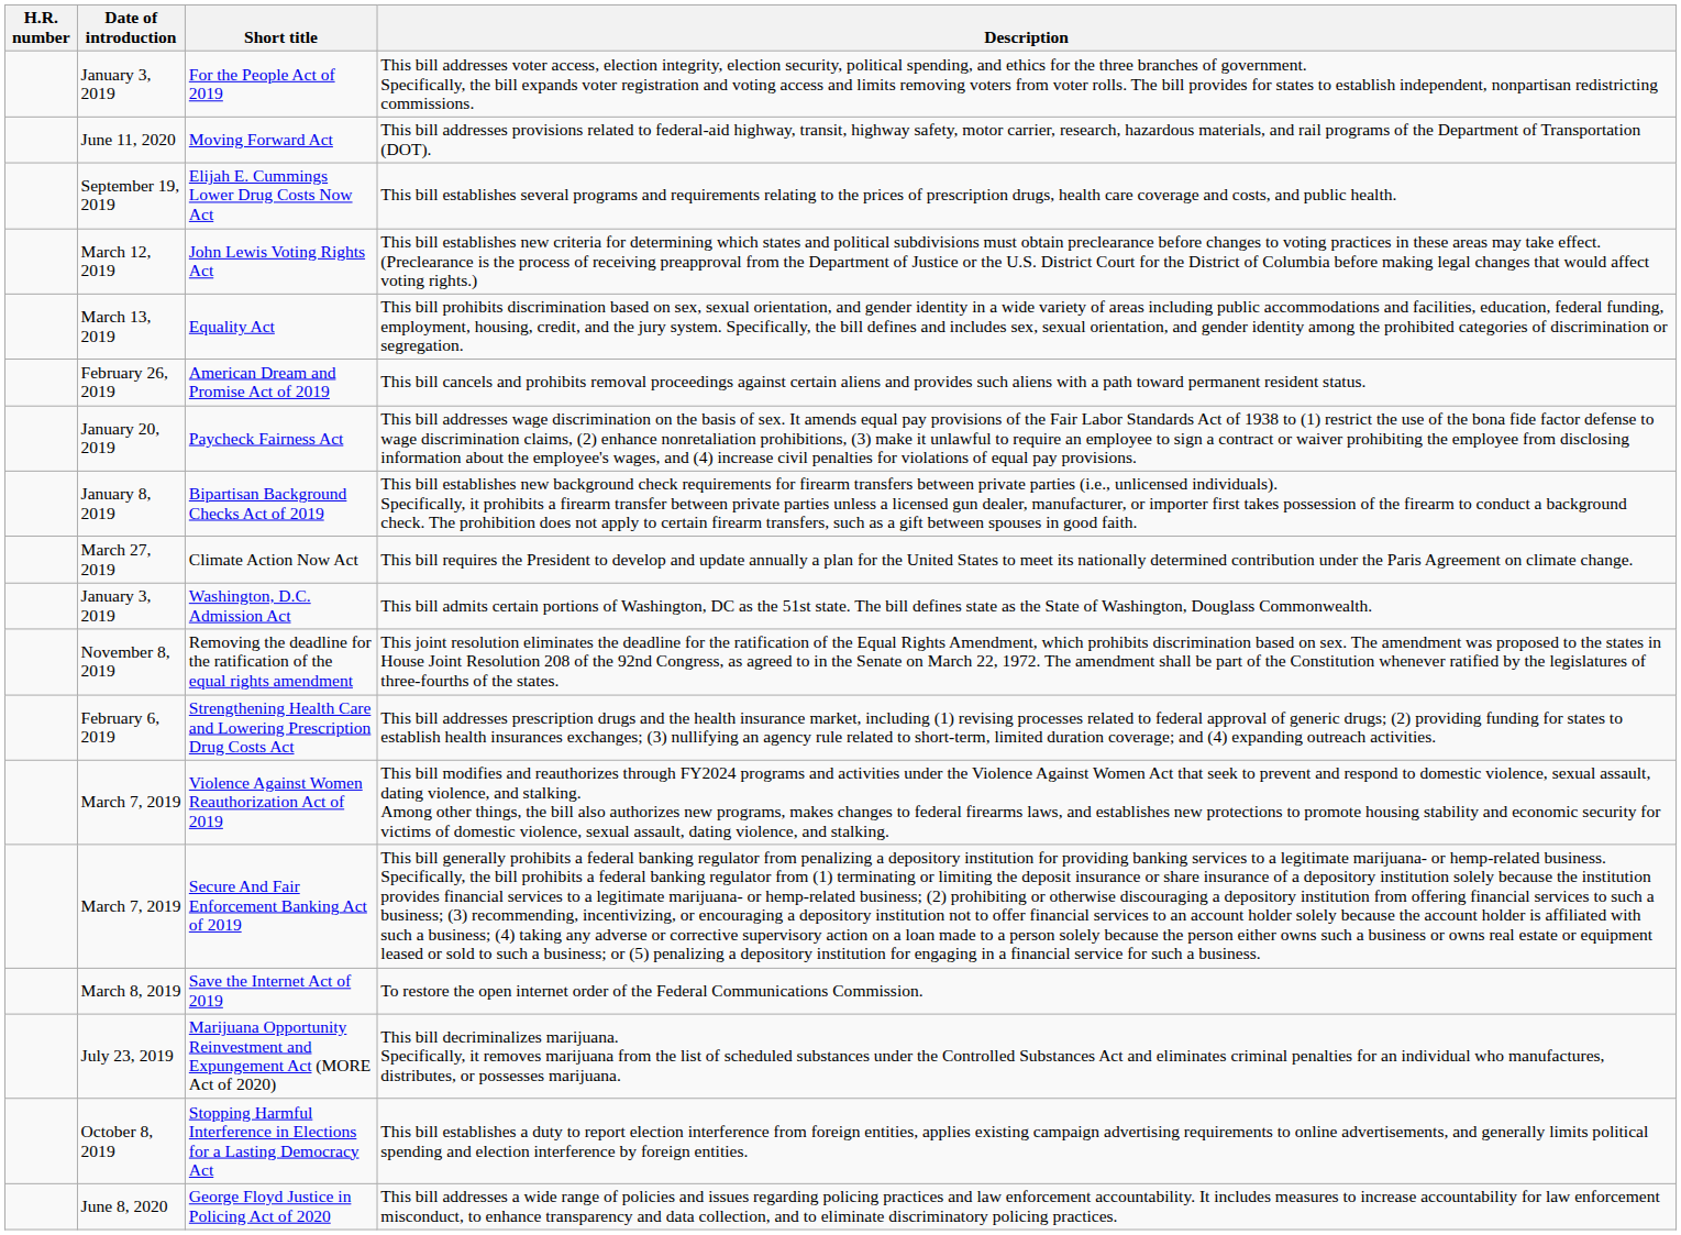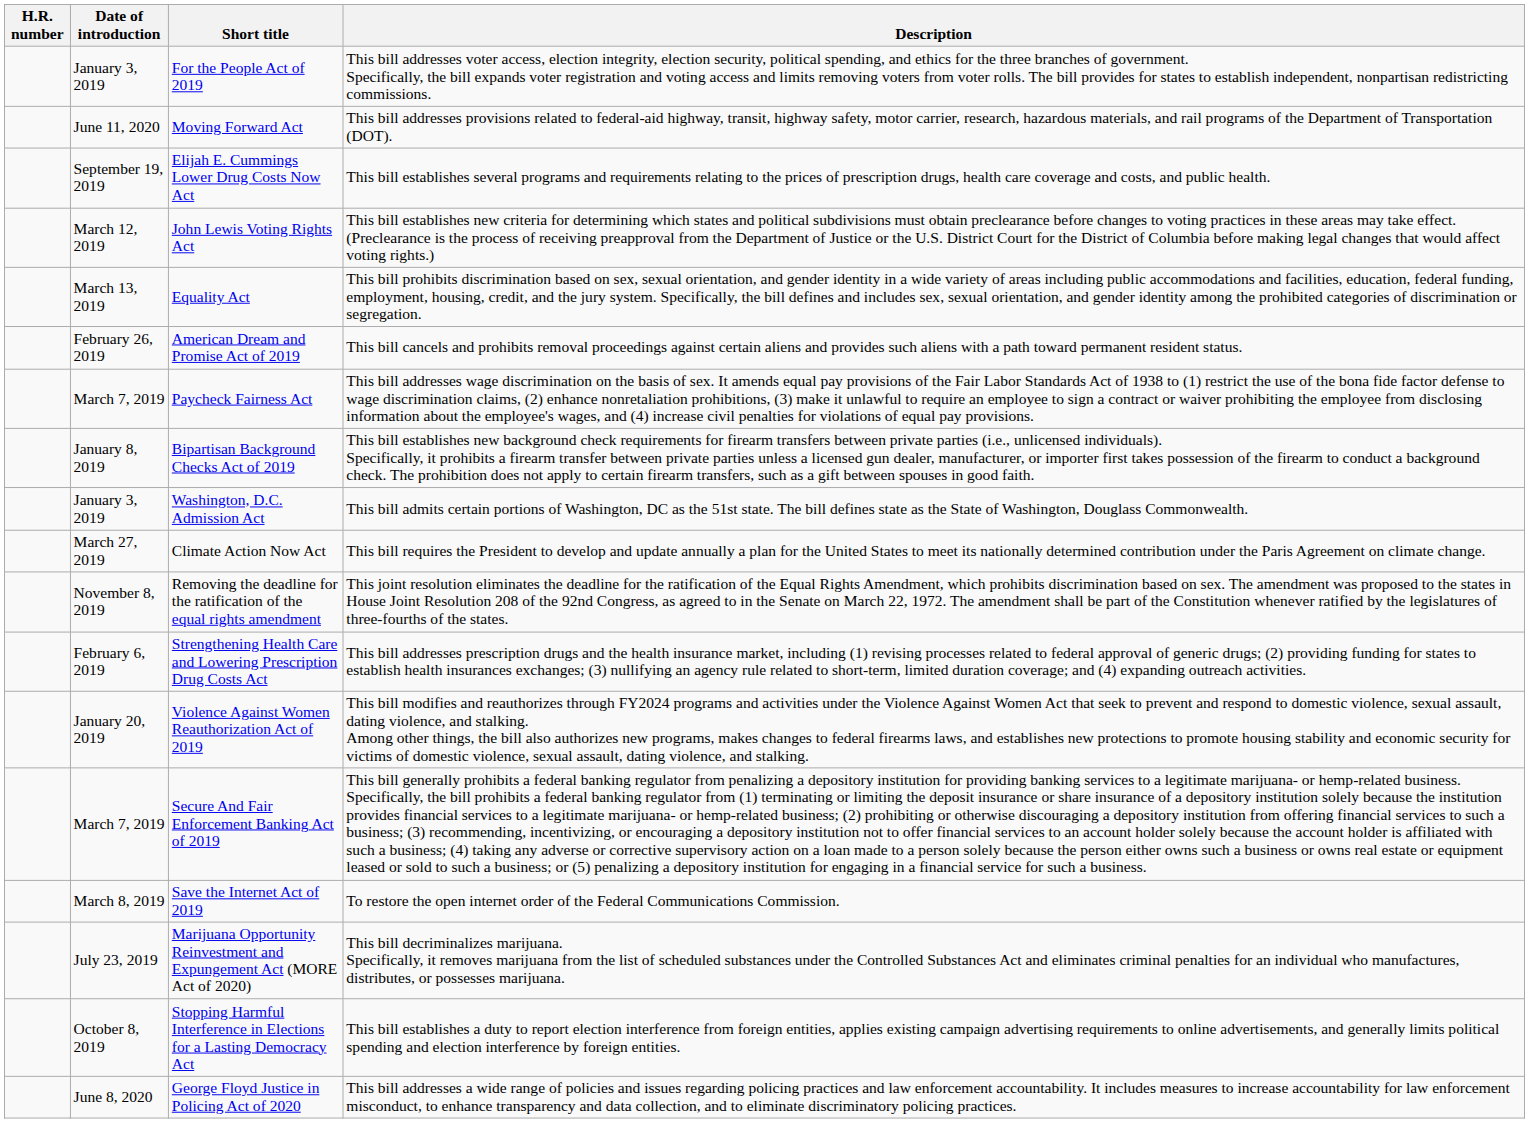 <table class="wikitable">
 <tr valign="bottom">
 <th>H.R. number</th>
 <th>Date of introduction</th>
 <th>Short title</th>
 <th>Description</th>
 </tr>
 <tr>
 <td></td>
 <td>January 3, 2019</td>
 <td><a href='#'>For the People Act of 2019</a></td>
 <td>This bill addresses voter access, election integrity, election security, political spending, and ethics for the three branches of government.<br>Specifically, the bill expands voter registration and voting access and limits removing voters from voter rolls. The bill provides for states to establish independent, nonpartisan redistricting commissions.</td>
 </tr>
 <tr>
 <td></td>
 <td>June 11, 2020</td>
 <td><a href='#'>Moving Forward Act</a></td>
 <td>This bill addresses provisions related to federal-aid highway, transit, highway safety, motor carrier, research, hazardous materials, and rail programs of the Department of Transportation (DOT).</td>
 </tr>
 <tr>
 <td></td>
 <td>September 19, 2019</td>
 <td><a href='#'>Elijah E. Cummings Lower Drug Costs Now Act</a></td>
 <td>This bill establishes several programs and requirements relating to the prices of prescription drugs, health care coverage and costs, and public health.</td>
 </tr>
 <tr>
 <td></td>
 <td>March 12, 2019</td>
 <td><a href='#'>John Lewis Voting Rights Act</a></td>
 <td>This bill establishes new criteria for determining which states and political subdivisions must obtain preclearance before changes to voting practices in these areas may take effect. (Preclearance is the process of receiving preapproval from the Department of Justice or the U.S. District Court for the District of Columbia before making legal changes that would affect voting rights.)</td>
 </tr>
 <tr>
 <td></td>
 <td>March 13, 2019</td>
 <td><a href='#'>Equality Act</a></td>
 <td>This bill prohibits discrimination based on sex, sexual orientation, and gender identity in a wide variety of areas including public accommodations and facilities, education, federal funding, employment, housing, credit, and the jury system. Specifically, the bill defines and includes sex, sexual orientation, and gender identity among the prohibited categories of discrimination or segregation.</td>
 </tr>
 <tr>
 <td></td>
 <td>February 26, 2019</td>
 <td><a href='#'>American Dream and Promise Act of 2019</a></td>
 <td>This bill cancels and prohibits removal proceedings against certain aliens and provides such aliens with a path toward permanent resident status.</td>
 </tr>
 <tr>
 <td></td>
-<td>January 20, 2019</td>
+<td>March 7, 2019</td>
 <td><a href='#'>Paycheck Fairness Act</a></td>
 <td>This bill addresses wage discrimination on the basis of sex. It amends equal pay provisions of the Fair Labor Standards Act of 1938 to (1) restrict the use of the bona fide factor defense to wage discrimination claims, (2) enhance nonretaliation prohibitions, (3) make it unlawful to require an employee to sign a contract or waiver prohibiting the employee from disclosing information about the employee's wages, and (4) increase civil penalties for violations of equal pay provisions.</td>
 </tr>
 <tr>
 <td></td>
 <td>January 8, 2019</td>
 <td><a href='#'>Bipartisan Background Checks Act of 2019</a></td>
 <td>This bill establishes new background check requirements for firearm transfers between private parties (i.e., unlicensed individuals).<br>Specifically, it prohibits a firearm transfer between private parties unless a licensed gun dealer, manufacturer, or importer first takes possession of the firearm to conduct a background check. The prohibition does not apply to certain firearm transfers, such as a gift between spouses in good faith.</td>
 </tr>
 <tr>
 <td></td>
+<td>January 3, 2019</td>
+<td><a href='#'>Washington, D.C. Admission Act</a></td>
+<td>This bill admits certain portions of Washington, DC as the 51st state. The bill defines state as the State of Washington, Douglass Commonwealth.</td>
+</tr>
+<tr>
+<td></td>
 <td>March 27, 2019</td>
 <td>Climate Action Now Act</td>
 <td>This bill requires the President to develop and update annually a plan for the United States to meet its nationally determined contribution under the Paris Agreement on climate change.</td>
-</tr>
-<tr>
-<td></td>
-<td>January 3, 2019</td>
-<td><a href='#'>Washington, D.C. Admission Act</a></td>
-<td>This bill admits certain portions of Washington, DC as the 51st state. The bill defines state as the State of Washington, Douglass Commonwealth.</td>
 </tr>
 <tr>
 <td></td>
 <td>November 8, 2019</td>
 <td>Removing the deadline for the ratification of the <a href='#'>equal rights amendment</a></td>
 <td>This joint resolution eliminates the deadline for the ratification of the Equal Rights Amendment, which prohibits discrimination based on sex. The amendment was proposed to the states in House Joint Resolution 208 of the 92nd Congress, as agreed to in the Senate on March 22, 1972. The amendment shall be part of the Constitution whenever ratified by the legislatures of three-fourths of the states.</td>
 </tr>
 <tr>
 <td></td>
 <td>February 6, 2019</td>
 <td><a href='#'>Strengthening Health Care and Lowering Prescription Drug Costs Act</a></td>
 <td>This bill addresses prescription drugs and the health insurance market, including (1) revising processes related to federal approval of generic drugs; (2) providing funding for states to establish health insurances exchanges; (3) nullifying an agency rule related to short-term, limited duration coverage; and (4) expanding outreach activities.</td>
 </tr>
 <tr>
 <td></td>
-<td>March 7, 2019</td>
+<td>January 20, 2019</td>
 <td><a href='#'>Violence Against Women Reauthorization Act of 2019</a></td>
 <td>This bill modifies and reauthorizes through FY2024 programs and activities under the Violence Against Women Act that seek to prevent and respond to domestic violence, sexual assault, dating violence, and stalking.<br>Among other things, the bill also authorizes new programs, makes changes to federal firearms laws, and establishes new protections to promote housing stability and economic security for victims of domestic violence, sexual assault, dating violence, and stalking.</td>
 </tr>
 <tr>
 <td></td>
 <td>March 7, 2019</td>
 <td><a href='#'>Secure And Fair Enforcement Banking Act of 2019</a></td>
 <td>This bill generally prohibits a federal banking regulator from penalizing a depository institution for providing banking services to a legitimate marijuana- or hemp-related business. Specifically, the bill prohibits a federal banking regulator from (1) terminating or limiting the deposit insurance or share insurance of a depository institution solely because the institution provides financial services to a legitimate marijuana- or hemp-related business; (2) prohibiting or otherwise discouraging a depository institution from offering financial services to such a business; (3) recommending, incentivizing, or encouraging a depository institution not to offer financial services to an account holder solely because the account holder is affiliated with such a business; (4) taking any adverse or corrective supervisory action on a loan made to a person solely because the person either owns such a business or owns real estate or equipment leased or sold to such a business; or (5) penalizing a depository institution for engaging in a financial service for such a business.</td>
 </tr>
 <tr>
 <td></td>
 <td>March 8, 2019</td>
 <td><a href='#'>Save the Internet Act of 2019</a></td>
 <td>To restore the open internet order of the Federal Communications Commission.</td>
 </tr>
 <tr>
 <td></td>
 <td>July 23, 2019</td>
 <td><a href='#'>Marijuana Opportunity Reinvestment and Expungement Act</a> (MORE Act of 2020)</td>
 <td>This bill decriminalizes marijuana.<br>Specifically, it removes marijuana from the list of scheduled substances under the Controlled Substances Act and eliminates criminal penalties for an individual who manufactures, distributes, or possesses marijuana.</td>
 </tr>
 <tr>
 <td></td>
 <td>October 8, 2019</td>
 <td><a href='#'>Stopping Harmful Interference in Elections for a Lasting Democracy Act</a></td>
 <td>This bill establishes a duty to report election interference from foreign entities, applies existing campaign advertising requirements to online advertisements, and generally limits political spending and election interference by foreign entities.</td>
 </tr>
 <tr>
 <td></td>
 <td>June 8, 2020</td>
 <td><a href='#'>George Floyd Justice in Policing Act of 2020</a></td>
 <td>This bill addresses a wide range of policies and issues regarding policing practices and law enforcement accountability. It includes measures to increase accountability for law enforcement misconduct, to enhance transparency and data collection, and to eliminate discriminatory policing practices.</td>
 </tr>
 </table>
